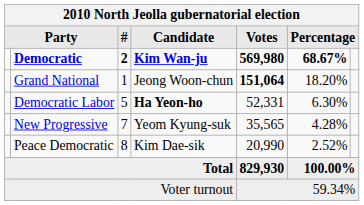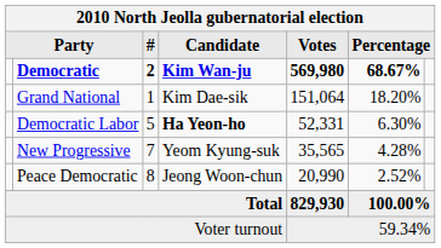 <table class="wikitable">
 <tr>
 <th colspan="7">2010 North Jeolla gubernatorial election</th>
 </tr>
 <tr>
 <th style="background-color:#E9E9E9" colspan=2>Party</th>
 <th style="background-color:#E9E9E9">#</th>
 <th style="background-color:#E9E9E9">Candidate</th>
 <th style="background-color:#E9E9E9">Votes</th>
 <th style="background-color:#E9E9E9" colspan=2>Percentage</th>
 </tr>
 <tr style="font-weight:bold">
 <td></td>
 <td align=left><a href='#'>Democratic</a></td>
 <td align=center>2</td>
 <td align=left><a href='#'>Kim Wan-ju</a></td>
 <td align=right>569,980</td>
 <td align=right>68.67%</td>
 <td align=right></td>
 </tr>
 <tr>
 <td></td>
 <td align=left><a href='#'>Grand National</a></td>
 <td align=center>1</td>
-<td align=left>Jeong Woon-chun</td>
-<td align=right><strong>151,064</strong></td>
+<td align=left>Kim Dae-sik</td>
+<td align=right>151,064</td>
 <td align=right>18.20%</td>
 <td align=right></td>
 </tr>
 <tr>
 <td></td>
 <td align=left><a href='#'>Democratic Labor</a></td>
 <td align=center>5</td>
 <td align=left><strong>Ha Yeon-ho</strong></td>
 <td align=right>52,331</td>
 <td align=right>6.30%</td>
 <td align=right></td>
 </tr>
 <tr>
 <td></td>
 <td align=left><a href='#'>New Progressive</a></td>
 <td align=center>7</td>
 <td align=left>Yeom Kyung-suk</td>
 <td align=right>35,565</td>
 <td align=right>4.28%</td>
 <td align=right></td>
 </tr>
 <tr>
 <td></td>
 <td align=left>Peace Democratic</td>
 <td align=center>8</td>
-<td align=left>Kim Dae-sik</td>
+<td align=left>Jeong Woon-chun</td>
 <td align=right>20,990</td>
 <td align=right>2.52%</td>
 <td align=right></td>
 </tr>
 <tr bgcolor="#EEEEEE" style="font-weight:bold">
 <td colspan="4" align=right>Total</td>
 <td align=right>829,930</td>
 <td align=right colspan=2>100.00%</td>
 </tr>
 <tr bgcolor="#EEEEEE">
 <td colspan="4" align="right">Voter turnout</td>
 <td colspan="3" align="right">59.34%</td>
 </tr>
 </table>
